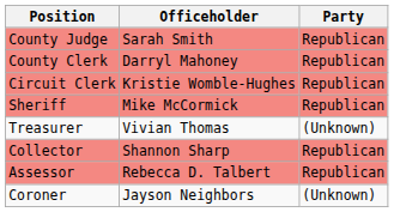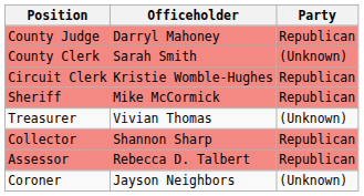 <table class="wikitable">
 <tr>
 <th>Position</th>
 <th>Officeholder</th>
 <th>Party</th>
 </tr>
 <tr style="background-color:#F48882;">
 <td>County Judge</td>
-<td>Sarah Smith</td>
+<td>Darryl Mahoney</td>
 <td>Republican</td>
 </tr>
 <tr style="background-color:#F48882;">
 <td>County Clerk</td>
-<td>Darryl Mahoney</td>
-<td>Republican</td>
+<td>Sarah Smith</td>
+<td>(Unknown)</td>
 </tr>
 <tr style="background-color:#F48882;">
 <td>Circuit Clerk</td>
 <td>Kristie Womble-Hughes</td>
 <td>Republican</td>
 </tr>
 <tr style="background-color:#F48882;">
 <td>Sheriff</td>
 <td>Mike McCormick</td>
 <td>Republican</td>
 </tr>
 <tr>
 <td>Treasurer</td>
 <td>Vivian Thomas</td>
 <td>(Unknown)</td>
 </tr>
 <tr style="background-color:#F48882;">
 <td>Collector</td>
 <td>Shannon Sharp</td>
 <td>Republican</td>
 </tr>
 <tr style="background-color:#F48882;">
 <td>Assessor</td>
 <td>Rebecca D. Talbert</td>
 <td>Republican</td>
 </tr>
 <tr>
 <td>Coroner</td>
 <td>Jayson Neighbors</td>
 <td>(Unknown)</td>
 </tr>
 </table>
